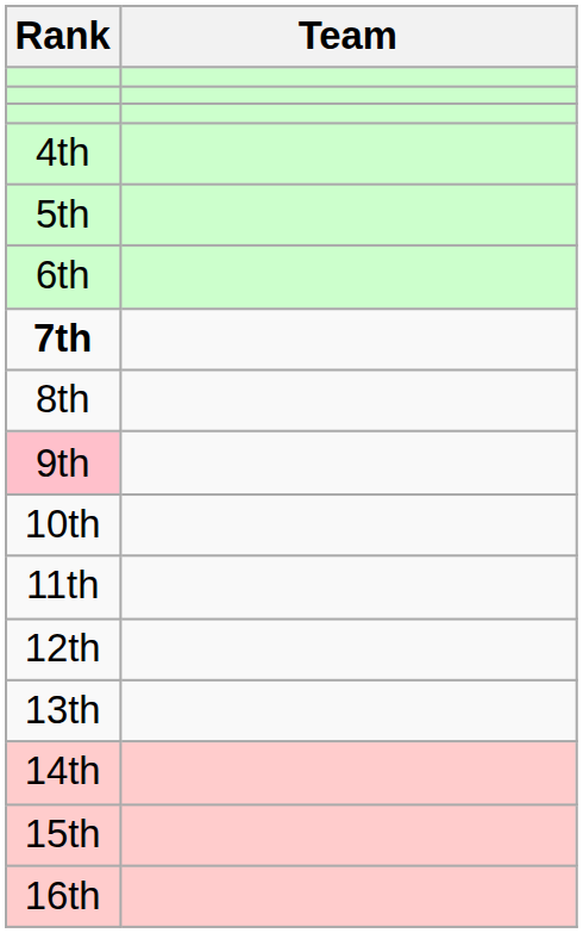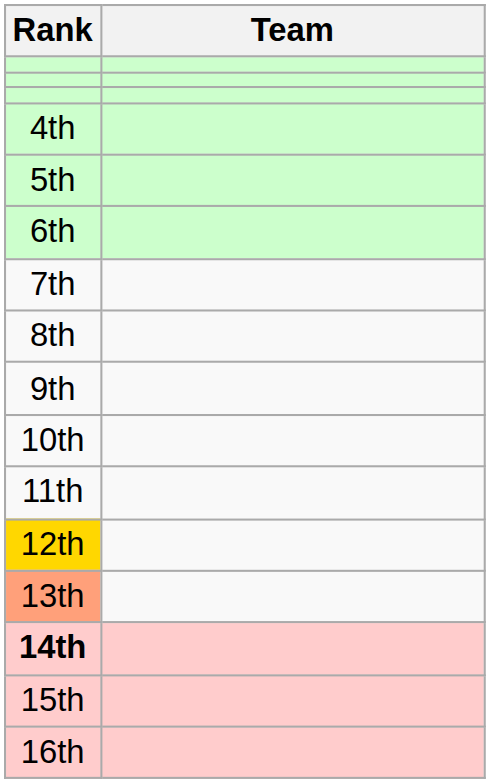 <table class=wikitable style="text-align:center;">
 <tr>
 <th>Rank</th>
 <th width=180>Team</th>
 </tr>
 <tr bgcolor=#ccffcc>
 <td></td>
 <td align=left></td>
 </tr>
 <tr bgcolor=#ccffcc>
 <td></td>
 <td align=left></td>
 </tr>
 <tr bgcolor=#ccffcc>
 <td></td>
 <td align=left></td>
 </tr>
 <tr bgcolor=#ccffcc>
 <td>4th</td>
 <td align=left></td>
 </tr>
 <tr bgcolor=#ccffcc>
 <td>5th</td>
 <td align=left></td>
 </tr>
 <tr bgcolor=#ccffcc>
 <td>6th</td>
 <td align=left></td>
 </tr>
 <tr>
-<td><strong>7th</strong></td>
+<td>7th</td>
 <td align=left></td>
 </tr>
 <tr>
 <td>8th</td>
 <td align=left></td>
 </tr>
 <tr>
-<td style="background: pink;">9th</td>
+<td>9th</td>
 <td align=left></td>
 </tr>
 <tr>
 <td>10th</td>
 <td align=left></td>
 </tr>
 <tr>
 <td>11th</td>
 <td align=left></td>
 </tr>
 <tr>
-<td>12th</td>
+<td style="background: gold;">12th</td>
 <td align=left></td>
 </tr>
 <tr>
-<td>13th</td>
+<td style="background: lightsalmon;">13th</td>
 <td align=left></td>
 </tr>
 <tr bgcolor=#ffcccc>
-<td>14th</td>
+<td><strong>14th</strong></td>
 <td align=left></td>
 </tr>
 <tr bgcolor=#ffcccc>
 <td>15th</td>
 <td align=left></td>
 </tr>
 <tr bgcolor=#ffcccc>
 <td>16th</td>
 <td align=left></td>
 </tr>
 </table>
